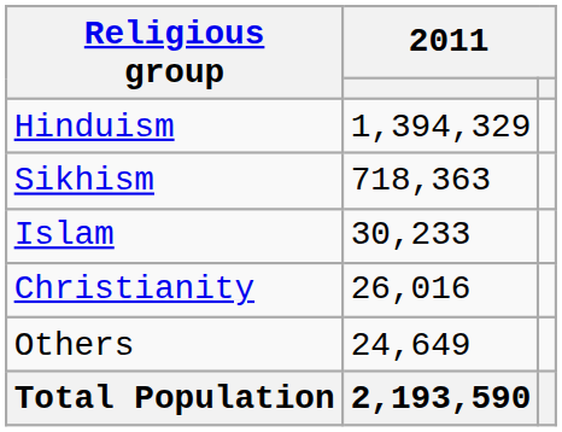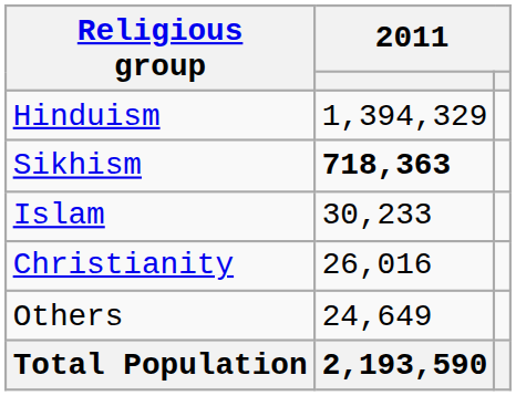 <table class="wikitable sortable">
 <tr>
 <th rowspan="2"><a href='#'>Religious</a><br>group</th>
 <th colspan="2">2011</th>
 </tr>
 <tr>
 <th><a href='#'></a></th>
 <th></th>
 </tr>
 <tr>
 <td><a href='#'>Hinduism</a> </td>
 <td>1,394,329</td>
 <td></td>
 </tr>
 <tr>
 <td><a href='#'>Sikhism</a> </td>
-<td>718,363</td>
+<td><strong>718,363</strong></td>
 <td></td>
 </tr>
 <tr>
 <td><a href='#'>Islam</a> </td>
 <td>30,233</td>
 <td></td>
 </tr>
 <tr>
 <td><a href='#'>Christianity</a> </td>
 <td>26,016</td>
 <td></td>
 </tr>
 <tr>
 <td>Others</td>
 <td>24,649</td>
 <td></td>
 </tr>
 <tr>
 <th>Total Population</th>
 <th>2,193,590</th>
 <th></th>
 </tr>
 </table>
